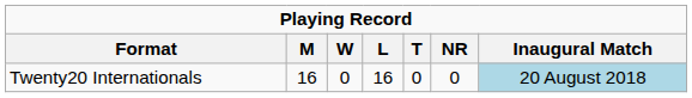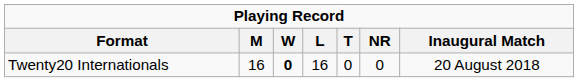 <table class="wikitable" style="text-align: center; width: 600px;">
 <tr>
 <td colspan=7 align="center"><strong>Playing Record</strong></td>
 </tr>
 <tr>
 <th>Format</th>
 <th>M</th>
 <th>W</th>
 <th>L</th>
 <th>T</th>
 <th>NR</th>
 <th>Inaugural Match</th>
 </tr>
 <tr>
 <td align="left">Twenty20 Internationals</td>
 <td>16</td>
-<td>0</td>
+<td><strong>0</strong></td>
 <td>16</td>
 <td>0</td>
 <td>0</td>
-<td style="background: lightblue;">20 August 2018</td>
+<td>20 August 2018</td>
 </tr>
 </table>
